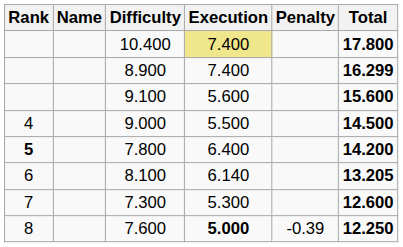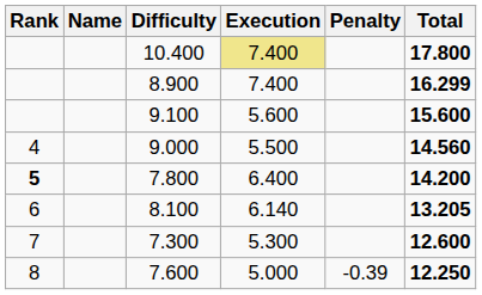 <table class="wikitable sortable" style="text-align:center">
 <tr>
 <th>Rank</th>
 <th>Name</th>
 <th>Difficulty</th>
 <th>Execution</th>
 <th>Penalty</th>
 <th>Total</th>
 </tr>
 <tr>
 <td></td>
 <td align="left"></td>
 <td>10.400</td>
 <td style="background: khaki;">7.400</td>
 <td></td>
 <td><strong>17.800</strong></td>
 </tr>
 <tr>
 <td></td>
 <td align="left"></td>
 <td>8.900</td>
 <td>7.400</td>
 <td></td>
 <td><strong>16.299</strong></td>
 </tr>
 <tr>
 <td></td>
 <td align="left"></td>
 <td>9.100</td>
 <td>5.600</td>
 <td></td>
 <td><strong>15.600</strong></td>
 </tr>
 <tr>
 <td>4</td>
 <td align="left"></td>
 <td>9.000</td>
 <td>5.500</td>
 <td></td>
-<td><strong>14.500</strong></td>
+<td><strong>14.560</strong></td>
 </tr>
 <tr>
 <td><strong>5</strong></td>
 <td align="left"></td>
 <td>7.800</td>
 <td>6.400</td>
 <td></td>
 <td><strong>14.200</strong></td>
 </tr>
 <tr>
 <td>6</td>
 <td align="left"></td>
 <td>8.100</td>
 <td>6.140</td>
 <td></td>
 <td><strong>13.205</strong></td>
 </tr>
 <tr>
 <td>7</td>
 <td align="left"></td>
 <td>7.300</td>
 <td>5.300</td>
 <td></td>
 <td><strong>12.600</strong></td>
 </tr>
 <tr>
 <td>8</td>
 <td align="left"></td>
 <td>7.600</td>
-<td><strong>5.000</strong></td>
+<td>5.000</td>
 <td>-0.39</td>
 <td><strong>12.250</strong></td>
 </tr>
 </table>
